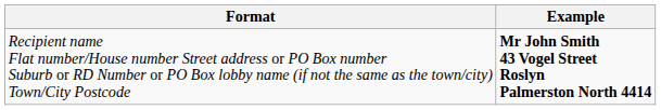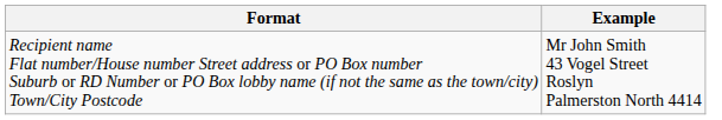 <table class="wikitable">
 <tr>
 <th>Format</th>
 <th>Example</th>
 </tr>
 <tr>
 <td><em>Recipient name</em> <br> <em>Flat number/House number Street address </em>or <em>PO Box number</em> <br><em>Suburb</em> or <em>RD Number </em>or<em> PO Box lobby name (if not the same as the town/city)</em><br><em>Town/City Postcode</em></td>
-<td><strong>Mr John Smith <br> 43 Vogel Street <br> Roslyn <br>Palmerston North 4414</strong></td>
+<td>Mr John Smith <br> 43 Vogel Street <br> Roslyn <br>Palmerston North 4414</td>
 </tr>
 </table>
